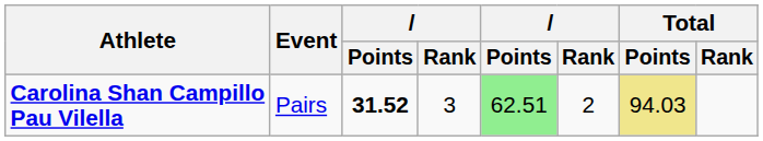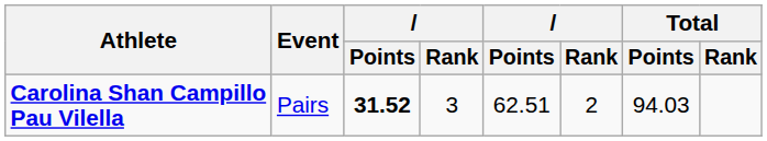 <table class="wikitable" style="font-size:90%">
 <tr>
 <th rowspan="2">Athlete</th>
 <th rowspan="2">Event</th>
 <th colspan="2">/</th>
 <th colspan="2">/</th>
 <th colspan="2">Total</th>
 </tr>
 <tr style="font-size:95%">
 <th>Points</th>
 <th>Rank</th>
 <th>Points</th>
 <th>Rank</th>
 <th>Points</th>
 <th>Rank</th>
 </tr>
 <tr align=center>
 <td align=left><strong><a href='#'>Carolina Shan Campillo</a><br><a href='#'>Pau Vilella</a></strong></td>
 <td align=left><a href='#'>Pairs</a></td>
 <td><strong>31.52</strong></td>
 <td>3</td>
-<td style="background: lightgreen;">62.51</td>
+<td>62.51</td>
 <td>2</td>
-<td style="background: khaki;">94.03</td>
+<td>94.03</td>
 <td></td>
 </tr>
 </table>
